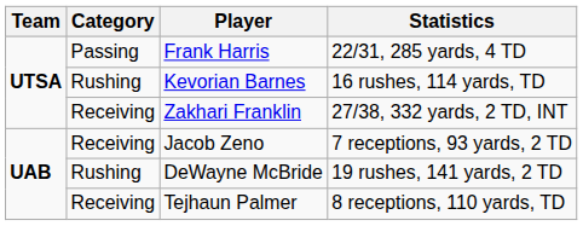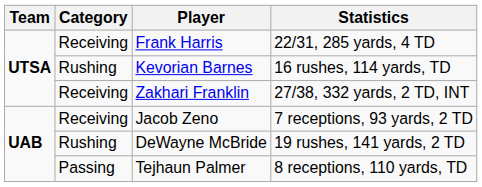 <table class="wikitable" style="float: left;">
 <tr>
 <th>Team</th>
 <th>Category</th>
 <th>Player</th>
 <th>Statistics</th>
 </tr>
 <tr>
 <td rowspan=3><strong>UTSA</strong></td>
-<td>Passing</td>
+<td>Receiving</td>
 <td><a href='#'>Frank Harris</a></td>
 <td>22/31, 285 yards, 4 TD</td>
 </tr>
 <tr>
 <td>Rushing</td>
 <td><a href='#'>Kevorian Barnes</a></td>
 <td>16 rushes, 114 yards, TD</td>
 </tr>
 <tr>
 <td>Receiving</td>
 <td><a href='#'>Zakhari Franklin</a></td>
 <td>27/38, 332 yards, 2 TD, INT</td>
 </tr>
 <tr>
 <td rowspan=3><strong>UAB</strong></td>
 <td>Receiving</td>
 <td>Jacob Zeno</td>
 <td>7 receptions, 93 yards, 2 TD</td>
 </tr>
 <tr>
 <td>Rushing</td>
 <td>DeWayne McBride</td>
 <td>19 rushes, 141 yards, 2 TD</td>
 </tr>
 <tr>
-<td>Receiving</td>
+<td>Passing</td>
 <td>Tejhaun Palmer</td>
 <td>8 receptions, 110 yards, TD</td>
 </tr>
 </table>
